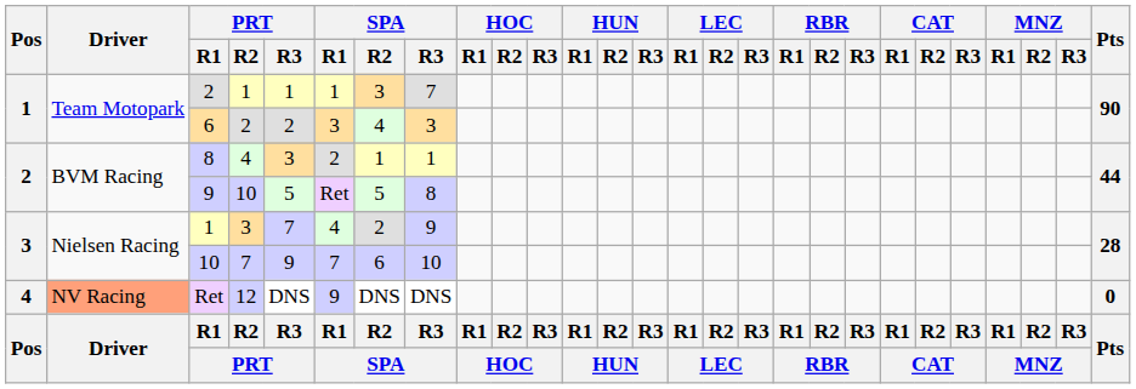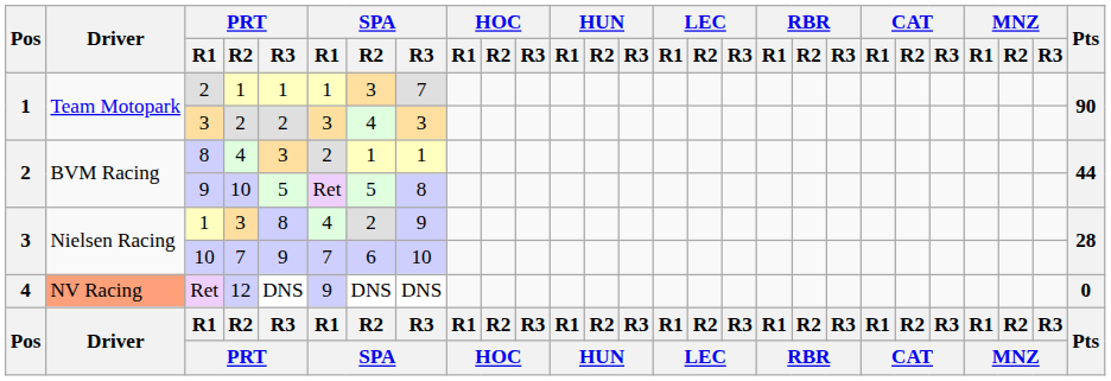 <table class="wikitable" style="font-size: 85%; text-align:center">
 <tr>
 <th rowspan="2" valign="middle">Pos</th>
 <th rowspan="2" valign="middle">Driver</th>
 <th colspan="3"><a href='#'>PRT</a><br></th>
 <th colspan="3"><a href='#'>SPA</a><br></th>
 <th colspan="3"><a href='#'>HOC</a><br></th>
 <th colspan="3"><a href='#'>HUN</a><br></th>
 <th colspan="3"><a href='#'>LEC</a><br></th>
 <th colspan="3"><a href='#'>RBR</a><br></th>
 <th colspan="3"><a href='#'>CAT</a><br></th>
 <th colspan="3"><a href='#'>MNZ</a><br></th>
 <th rowspan="2" valign="middle">Pts</th>
 </tr>
 <tr>
 <th>R1</th>
 <th>R2</th>
 <th>R3</th>
 <th>R1</th>
 <th>R2</th>
 <th>R3</th>
 <th>R1</th>
 <th>R2</th>
 <th>R3</th>
 <th>R1</th>
 <th>R2</th>
 <th>R3</th>
 <th>R1</th>
 <th>R2</th>
 <th>R3</th>
 <th>R1</th>
 <th>R2</th>
 <th>R3</th>
 <th>R1</th>
 <th>R2</th>
 <th>R3</th>
 <th>R1</th>
 <th>R2</th>
 <th>R3</th>
 </tr>
 <tr>
 <th rowspan="2">1</th>
 <td rowspan="2" align="left"> <a href='#'>Team Motopark</a></td>
 <td style="background:#DFDFDF;">2</td>
 <td style="background:#FFFFBF;">1</td>
 <td style="background:#FFFFBF;">1</td>
 <td style="background:#FFFFBF;">1</td>
 <td style="background:#FFDF9F;">3</td>
 <td style="background:#DFDFDF;">7</td>
 <td></td>
 <td></td>
 <td></td>
 <td></td>
 <td></td>
 <td></td>
 <td></td>
 <td></td>
 <td></td>
 <td></td>
 <td></td>
 <td></td>
 <td></td>
 <td></td>
 <td></td>
 <td></td>
 <td></td>
 <td></td>
 <th rowspan="2">90</th>
 </tr>
 <tr>
-<td style="background:#FFDF9F;">6</td>
+<td style="background:#FFDF9F;">3</td>
 <td style="background:#DFDFDF;">2</td>
 <td style="background:#DFDFDF;">2</td>
 <td style="background:#FFDF9F;">3</td>
 <td style="background:#DFFFDF;">4</td>
 <td style="background:#FFDF9F;">3</td>
 <td></td>
 <td></td>
 <td></td>
 <td></td>
 <td></td>
 <td></td>
 <td></td>
 <td></td>
 <td></td>
 <td></td>
 <td></td>
 <td></td>
 <td></td>
 <td></td>
 <td></td>
 <td></td>
 <td></td>
 <td></td>
 </tr>
 <tr>
 <th rowspan="2">2</th>
 <td align="left"  rowspan="2"> BVM Racing</td>
 <td style="background:#CFCFFF;">8</td>
 <td style="background:#DFFFDF;">4</td>
 <td style="background:#FFDF9F;">3</td>
 <td style="background:#DFDFDF;">2</td>
 <td style="background:#FFFFBF;">1</td>
 <td style="background:#FFFFBF;">1</td>
 <td></td>
 <td></td>
 <td></td>
 <td></td>
 <td></td>
 <td></td>
 <td></td>
 <td></td>
 <td></td>
 <td></td>
 <td></td>
 <td></td>
 <td></td>
 <td></td>
 <td></td>
 <td></td>
 <td></td>
 <td></td>
 <th rowspan="2">44</th>
 </tr>
 <tr>
 <td style="background:#CFCFFF;">9</td>
 <td style="background:#CFCFFF;">10</td>
 <td style="background:#DFFFDF;">5</td>
 <td style="background:#EFCFFF;">Ret</td>
 <td style="background:#DFFFDF;">5</td>
 <td style="background:#CFCFFF;">8</td>
 <td></td>
 <td></td>
 <td></td>
 <td></td>
 <td></td>
 <td></td>
 <td></td>
 <td></td>
 <td></td>
 <td></td>
 <td></td>
 <td></td>
 <td></td>
 <td></td>
 <td></td>
 <td></td>
 <td></td>
 <td></td>
 </tr>
 <tr>
 <th rowspan="2">3</th>
 <td rowspan="2" align="left"> Nielsen Racing</td>
 <td style="background:#FFFFBF;">1</td>
 <td style="background:#FFDF9F;">3</td>
-<td style="background:#CFCFFF;">7</td>
+<td style="background:#CFCFFF;">8</td>
 <td style="background:#DFFFDF;">4</td>
 <td style="background:#DFDFDF;">2</td>
 <td style="background:#CFCFFF;">9</td>
 <td></td>
 <td></td>
 <td></td>
 <td></td>
 <td></td>
 <td></td>
 <td></td>
 <td></td>
 <td></td>
 <td></td>
 <td></td>
 <td></td>
 <td></td>
 <td></td>
 <td></td>
 <td></td>
 <td></td>
 <td></td>
 <th rowspan="2">28</th>
 </tr>
 <tr>
 <td style="background:#CFCFFF;">10</td>
 <td style="background:#CFCFFF;">7</td>
 <td style="background:#CFCFFF;">9</td>
 <td style="background:#CFCFFF;">7</td>
 <td style="background:#CFCFFF;">6</td>
 <td style="background:#CFCFFF;">10</td>
 <td></td>
 <td></td>
 <td></td>
 <td></td>
 <td></td>
 <td></td>
 <td></td>
 <td></td>
 <td></td>
 <td></td>
 <td></td>
 <td></td>
 <td></td>
 <td></td>
 <td></td>
 <td></td>
 <td></td>
 <td></td>
 </tr>
 <tr>
 <th>4</th>
 <td align="left" style="background: lightsalmon;"> NV Racing</td>
 <td style="background:#EFCFFF;">Ret</td>
 <td style="background:#CFCFFF;">12</td>
 <td style="background:#FFFFFF;">DNS</td>
 <td style="background:#CFCFFF;">9</td>
 <td style="background:#FFFFFF;">DNS</td>
 <td style="background:#FFFFFF;">DNS</td>
 <td></td>
 <td></td>
 <td></td>
 <td></td>
 <td></td>
 <td></td>
 <td></td>
 <td></td>
 <td></td>
 <td></td>
 <td></td>
 <td></td>
 <td></td>
 <td></td>
 <td></td>
 <td></td>
 <td></td>
 <td></td>
 <th>0</th>
 </tr>
 <tr>
 <th rowspan="2">Pos</th>
 <th rowspan="2">Driver</th>
 <th>R1</th>
 <th>R2</th>
 <th>R3</th>
 <th>R1</th>
 <th>R2</th>
 <th>R3</th>
 <th>R1</th>
 <th>R2</th>
 <th>R3</th>
 <th>R1</th>
 <th>R2</th>
 <th>R3</th>
 <th>R1</th>
 <th>R2</th>
 <th>R3</th>
 <th>R1</th>
 <th>R2</th>
 <th>R3</th>
 <th>R1</th>
 <th>R2</th>
 <th>R3</th>
 <th>R1</th>
 <th>R2</th>
 <th>R3</th>
 <th rowspan="2">Pts</th>
 </tr>
 <tr>
 <th colspan="3"><a href='#'>PRT</a><br></th>
 <th colspan="3"><a href='#'>SPA</a><br></th>
 <th colspan="3"><a href='#'>HOC</a><br></th>
 <th colspan="3"><a href='#'>HUN</a><br></th>
 <th colspan="3"><a href='#'>LEC</a><br></th>
 <th colspan="3"><a href='#'>RBR</a><br></th>
 <th colspan="3"><a href='#'>CAT</a><br></th>
 <th colspan="3"><a href='#'>MNZ</a><br></th>
 </tr>
 </table>
